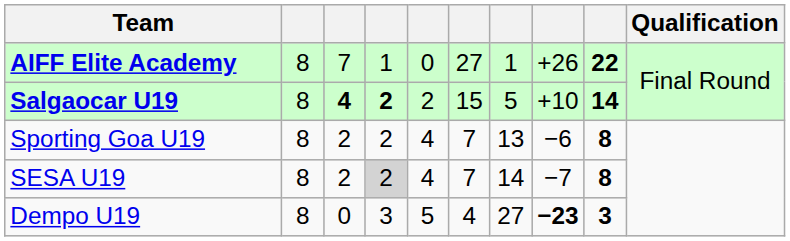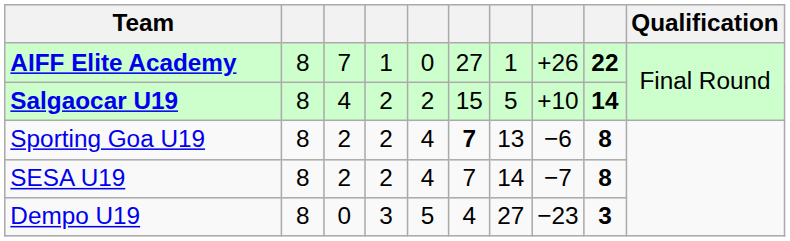 <table class="wikitable" style="text-align:center">
 <tr>
 <th width="175">Team</th>
 <th width="20"></th>
 <th width="20"></th>
 <th width="20"></th>
 <th width="20"></th>
 <th width="20"></th>
 <th width="20"></th>
 <th width="25"></th>
 <th width="20"></th>
 <th width="20">Qualification</th>
 </tr>
 <tr bgcolor="#ccffcc">
 <td align=left><strong><a href='#'>AIFF Elite Academy</a></strong></td>
 <td>8</td>
 <td>7</td>
 <td>1</td>
 <td>0</td>
 <td>27</td>
 <td>1</td>
 <td>+26</td>
 <td><strong>22</strong></td>
 <td rowspan="2">Final Round</td>
 </tr>
 <tr bgcolor="#ccffcc">
 <td align=left><strong><a href='#'>Salgaocar U19</a></strong></td>
 <td>8</td>
-<td><strong>4</strong></td>
-<td><strong>2</strong></td>
+<td>4</td>
+<td>2</td>
 <td>2</td>
 <td>15</td>
 <td>5</td>
 <td>+10</td>
 <td><strong>14</strong></td>
 </tr>
 <tr>
 <td align=left><a href='#'>Sporting Goa U19</a></td>
 <td>8</td>
 <td>2</td>
 <td>2</td>
 <td>4</td>
-<td>7</td>
+<td><strong>7</strong></td>
 <td>13</td>
 <td>−6</td>
 <td><strong>8</strong></td>
 </tr>
 <tr>
 <td align=left><a href='#'>SESA U19</a></td>
 <td>8</td>
 <td>2</td>
-<td style="background: lightgrey;">2</td>
+<td>2</td>
 <td>4</td>
 <td>7</td>
 <td>14</td>
 <td>−7</td>
 <td><strong>8</strong></td>
 </tr>
 <tr>
 <td align=left><a href='#'>Dempo U19</a></td>
 <td>8</td>
 <td>0</td>
 <td>3</td>
 <td>5</td>
 <td>4</td>
 <td>27</td>
-<td><strong>−23</strong></td>
+<td>−23</td>
 <td><strong>3</strong></td>
 </tr>
 </table>
